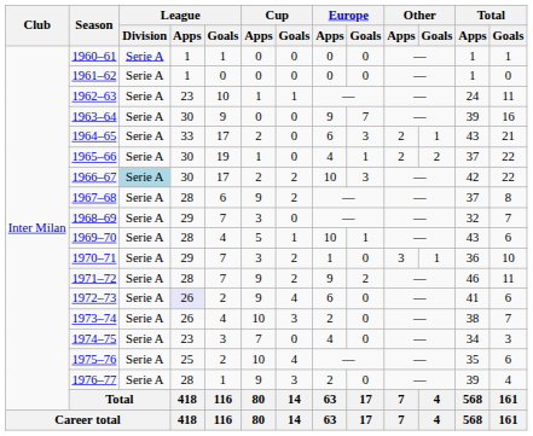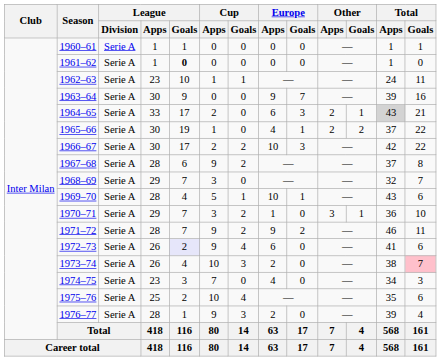 <table class="wikitable" style="text-align:center">
 <tr>
 <th rowspan="2">Club</th>
 <th rowspan="2">Season</th>
 <th colspan="3">League</th>
 <th colspan="2">Cup</th>
 <th colspan="2"><a href='#'>Europe</a></th>
 <th colspan="2">Other</th>
 <th colspan="2">Total</th>
 </tr>
 <tr>
 <th>Division</th>
 <th>Apps</th>
 <th>Goals</th>
 <th>Apps</th>
 <th>Goals</th>
 <th>Apps</th>
 <th>Goals</th>
 <th>Apps</th>
 <th>Goals</th>
 <th>Apps</th>
 <th>Goals</th>
 </tr>
 <tr>
 <td rowspan="18"><a href='#'>Inter Milan</a></td>
 <td><a href='#'>1960–61</a></td>
 <td><a href='#'>Serie A</a></td>
 <td>1</td>
 <td>1</td>
 <td>0</td>
 <td>0</td>
 <td>0</td>
 <td>0</td>
 <td colspan="2">—</td>
 <td>1</td>
 <td>1</td>
 </tr>
 <tr>
 <td><a href='#'>1961–62</a></td>
 <td>Serie A</td>
 <td>1</td>
-<td>0</td>
+<td><strong>0</strong></td>
 <td>0</td>
 <td>0</td>
 <td>0</td>
 <td>0</td>
 <td colspan="2">—</td>
 <td>1</td>
 <td>0</td>
 </tr>
 <tr>
 <td><a href='#'>1962–63</a></td>
 <td>Serie A</td>
 <td>23</td>
 <td>10</td>
 <td>1</td>
 <td>1</td>
 <td colspan="2">—</td>
 <td colspan="2">—</td>
 <td>24</td>
 <td>11</td>
 </tr>
 <tr>
 <td><a href='#'>1963–64</a></td>
 <td>Serie A</td>
 <td>30</td>
 <td>9</td>
 <td>0</td>
 <td>0</td>
 <td>9</td>
 <td>7</td>
 <td colspan="2">—</td>
 <td>39</td>
 <td>16</td>
 </tr>
 <tr>
 <td><a href='#'>1964–65</a></td>
 <td>Serie A</td>
 <td>33</td>
 <td>17</td>
 <td>2</td>
 <td>0</td>
 <td>6</td>
 <td>3</td>
 <td>2</td>
 <td>1</td>
-<td>43</td>
+<td style="background: lightgrey;">43</td>
 <td>21</td>
 </tr>
 <tr>
 <td><a href='#'>1965–66</a></td>
 <td>Serie A</td>
 <td>30</td>
 <td>19</td>
 <td>1</td>
 <td>0</td>
 <td>4</td>
 <td>1</td>
 <td>2</td>
 <td>2</td>
 <td>37</td>
 <td>22</td>
 </tr>
 <tr>
 <td><a href='#'>1966–67</a></td>
-<td style="background: lightblue;">Serie A</td>
+<td>Serie A</td>
 <td>30</td>
 <td>17</td>
 <td>2</td>
 <td>2</td>
 <td>10</td>
 <td>3</td>
 <td colspan="2">—</td>
 <td>42</td>
 <td>22</td>
 </tr>
 <tr>
 <td><a href='#'>1967–68</a></td>
 <td>Serie A</td>
 <td>28</td>
 <td>6</td>
 <td>9</td>
 <td>2</td>
 <td colspan="2">—</td>
 <td colspan="2">—</td>
 <td>37</td>
 <td>8</td>
 </tr>
 <tr>
 <td><a href='#'>1968–69</a></td>
 <td>Serie A</td>
 <td>29</td>
 <td>7</td>
 <td>3</td>
 <td>0</td>
 <td colspan="2">—</td>
 <td colspan="2">—</td>
 <td>32</td>
 <td>7</td>
 </tr>
 <tr>
 <td><a href='#'>1969–70</a></td>
 <td>Serie A</td>
 <td>28</td>
 <td>4</td>
 <td>5</td>
 <td>1</td>
 <td>10</td>
 <td>1</td>
 <td colspan="2">—</td>
 <td>43</td>
 <td>6</td>
 </tr>
 <tr>
 <td><a href='#'>1970–71</a></td>
 <td>Serie A</td>
 <td>29</td>
 <td>7</td>
 <td>3</td>
 <td>2</td>
 <td>1</td>
 <td>0</td>
 <td>3</td>
 <td>1</td>
 <td>36</td>
 <td>10</td>
 </tr>
 <tr>
 <td><a href='#'>1971–72</a></td>
 <td>Serie A</td>
 <td>28</td>
 <td>7</td>
 <td>9</td>
 <td>2</td>
 <td>9</td>
 <td>2</td>
 <td colspan="2">—</td>
 <td>46</td>
 <td>11</td>
 </tr>
 <tr>
 <td><a href='#'>1972–73</a></td>
 <td>Serie A</td>
-<td style="background: lavender;">26</td>
-<td>2</td>
+<td>26</td>
+<td style="background: lavender;">2</td>
 <td>9</td>
 <td>4</td>
 <td>6</td>
 <td>0</td>
 <td colspan="2">—</td>
 <td>41</td>
 <td>6</td>
 </tr>
 <tr>
 <td><a href='#'>1973–74</a></td>
 <td>Serie A</td>
 <td>26</td>
 <td>4</td>
 <td>10</td>
 <td>3</td>
 <td>2</td>
 <td>0</td>
 <td colspan="2">—</td>
 <td>38</td>
-<td>7</td>
+<td style="background: pink;">7</td>
 </tr>
 <tr>
 <td><a href='#'>1974–75</a></td>
 <td>Serie A</td>
 <td>23</td>
 <td>3</td>
 <td>7</td>
 <td>0</td>
 <td>4</td>
 <td>0</td>
 <td colspan="2">—</td>
 <td>34</td>
 <td>3</td>
 </tr>
 <tr>
 <td><a href='#'>1975–76</a></td>
 <td>Serie A</td>
 <td>25</td>
 <td>2</td>
 <td>10</td>
 <td>4</td>
 <td colspan="2">—</td>
 <td colspan="2">—</td>
 <td>35</td>
 <td>6</td>
 </tr>
 <tr>
 <td><a href='#'>1976–77</a></td>
 <td>Serie A</td>
 <td>28</td>
 <td>1</td>
 <td>9</td>
 <td>3</td>
 <td>2</td>
 <td>0</td>
 <td colspan="2">—</td>
 <td>39</td>
 <td>4</td>
 </tr>
 <tr>
 <th colspan="2">Total</th>
 <th>418</th>
 <th>116</th>
 <th>80</th>
 <th>14</th>
 <th>63</th>
 <th>17</th>
 <th>7</th>
 <th>4</th>
 <th>568</th>
 <th>161</th>
 </tr>
 <tr>
 <th colspan="3">Career total</th>
 <th>418</th>
 <th>116</th>
 <th>80</th>
 <th>14</th>
 <th>63</th>
 <th>17</th>
 <th>7</th>
 <th>4</th>
 <th>568</th>
 <th>161</th>
 </tr>
 </table>
